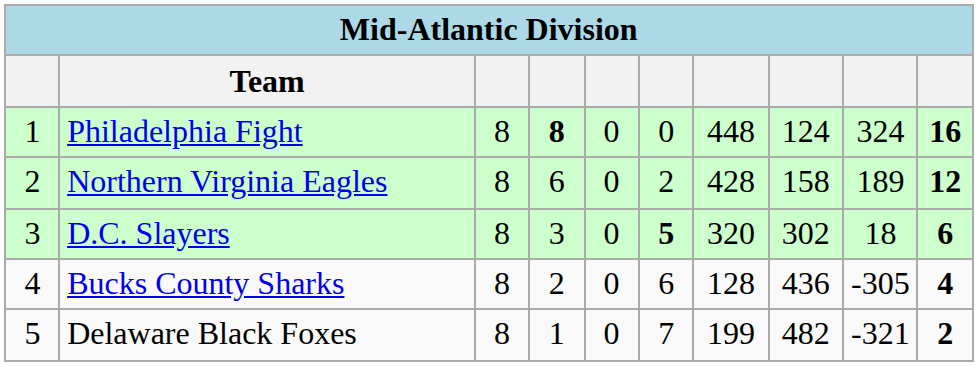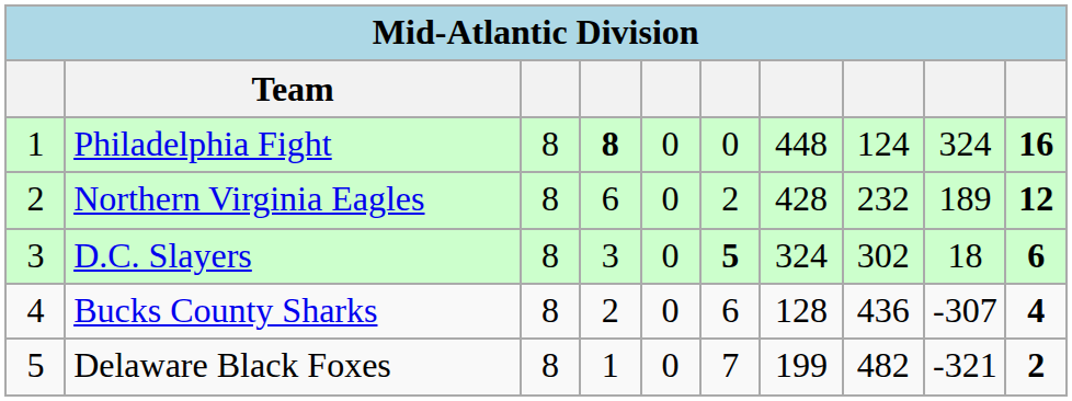 <table class="wikitable" style="text-align:center;">
 <tr>
 <td bgcolor=lightblue align="center" colspan="10"><strong><span>Mid-Atlantic Division</span></strong></td>
 </tr>
 <tr>
 <th width="20"></th>
 <th width="200">Team</th>
 <th width="20"></th>
 <th width="20"></th>
 <th width="20"></th>
 <th width="20"></th>
 <th width="30"></th>
 <th width="30"></th>
 <th width="30"></th>
 <th width="20"></th>
 </tr>
 <tr style="background: #ccffcc;">
 <td>1</td>
 <td style="text-align:left;"> <a href='#'>Philadelphia Fight</a></td>
 <td>8</td>
 <td><strong>8</strong></td>
 <td>0</td>
 <td>0</td>
 <td>448</td>
 <td>124</td>
 <td>324</td>
 <td><strong>16</strong></td>
 </tr>
 <tr style="background: #ccffcc;">
 <td>2</td>
 <td style="text-align:left;"> <a href='#'>Northern Virginia Eagles</a></td>
 <td>8</td>
 <td>6</td>
 <td>0</td>
 <td>2</td>
 <td>428</td>
-<td>158</td>
+<td>232</td>
 <td>189</td>
 <td><strong>12</strong></td>
 </tr>
 <tr style="background: #ccffcc;">
 <td>3</td>
 <td style="text-align:left;"> <a href='#'>D.C. Slayers</a></td>
 <td>8</td>
 <td>3</td>
 <td>0</td>
 <td><strong>5</strong></td>
-<td>320</td>
+<td>324</td>
 <td>302</td>
 <td>18</td>
 <td><strong>6</strong></td>
 </tr>
 <tr>
 <td>4</td>
 <td style="text-align:left;"> <a href='#'>Bucks County Sharks</a></td>
 <td>8</td>
 <td>2</td>
 <td>0</td>
 <td>6</td>
 <td>128</td>
 <td>436</td>
-<td>-305</td>
+<td>-307</td>
 <td><strong>4</strong></td>
 </tr>
 <tr>
 <td>5</td>
 <td style="text-align:left;"> Delaware Black Foxes</td>
 <td>8</td>
 <td>1</td>
 <td>0</td>
 <td>7</td>
 <td>199</td>
 <td>482</td>
 <td>-321</td>
 <td><strong>2</strong></td>
 </tr>
 </table>
